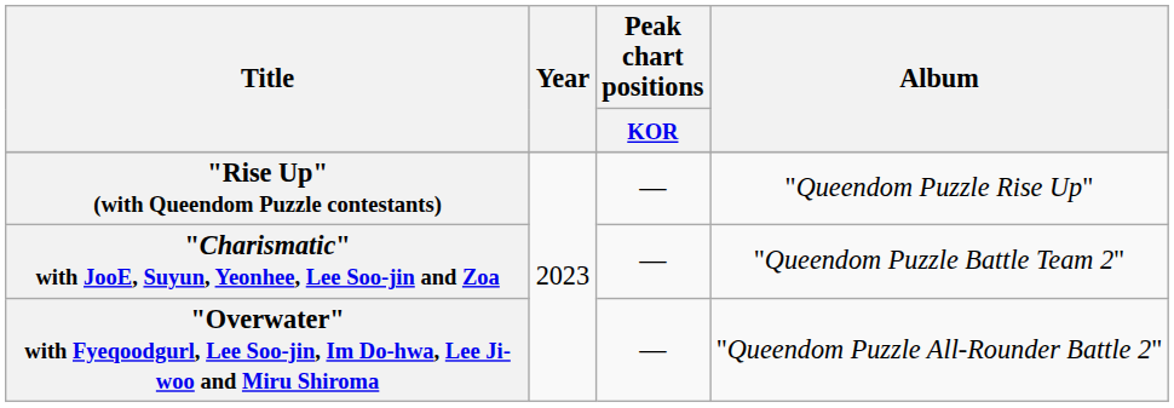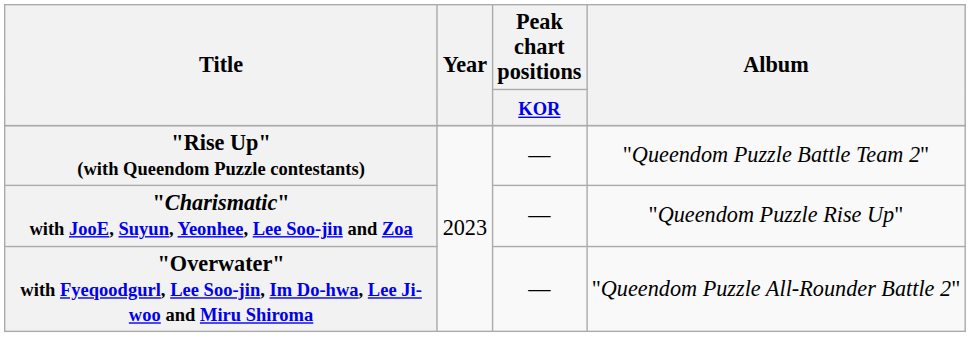 <table class="wikitable plainrowheaders" style="text-align:center;" border="1">
 <tr>
 <th scope="col" rowspan="2" style="width:19em;">Title</th>
 <th scope="col" rowspan="2">Year</th>
 <th scope="col" colspan="1">Peak chart positions</th>
 <th scope="col" rowspan="2">Album</th>
 </tr>
 <tr>
 <th style="width:2.5em;"><small><a href='#'>KOR</a></small><br></th>
 </tr>
 <tr>
 </tr>
 <tr>
 <th scope="row">"Rise Up" <br><small>(with Queendom Puzzle contestants)</small></th>
 <td rowspan="3">2023</td>
 <td>—</td>
-<td>"<em>Queendom Puzzle Rise Up</em>"</td>
+<td>"<em>Queendom Puzzle Battle Team 2</em>"</td>
 </tr>
 <tr>
 <th scope="row">"<em>Charismatic</em>"<br><small>with <a href='#'>JooE</a>, <a href='#'>Suyun</a>, <a href='#'>Yeonhee</a>,  <a href='#'>Lee Soo-jin</a> and <a href='#'>Zoa</a></small></th>
 <td>—</td>
-<td>"<em>Queendom Puzzle Battle Team 2</em>"</td>
+<td>"<em>Queendom Puzzle Rise Up</em>"</td>
 </tr>
 <tr>
 <th scope="row">"Overwater"<br><small>with <a href='#'>Fyeqoodgurl</a>, <a href='#'>Lee Soo-jin</a>, <a href='#'>Im Do-hwa</a>, <a href='#'>Lee Ji-woo</a> and <a href='#'>Miru Shiroma</a></small></th>
 <td>—</td>
 <td>"<em>Queendom Puzzle All-Rounder Battle 2</em>"</td>
 </tr>
 </table>
